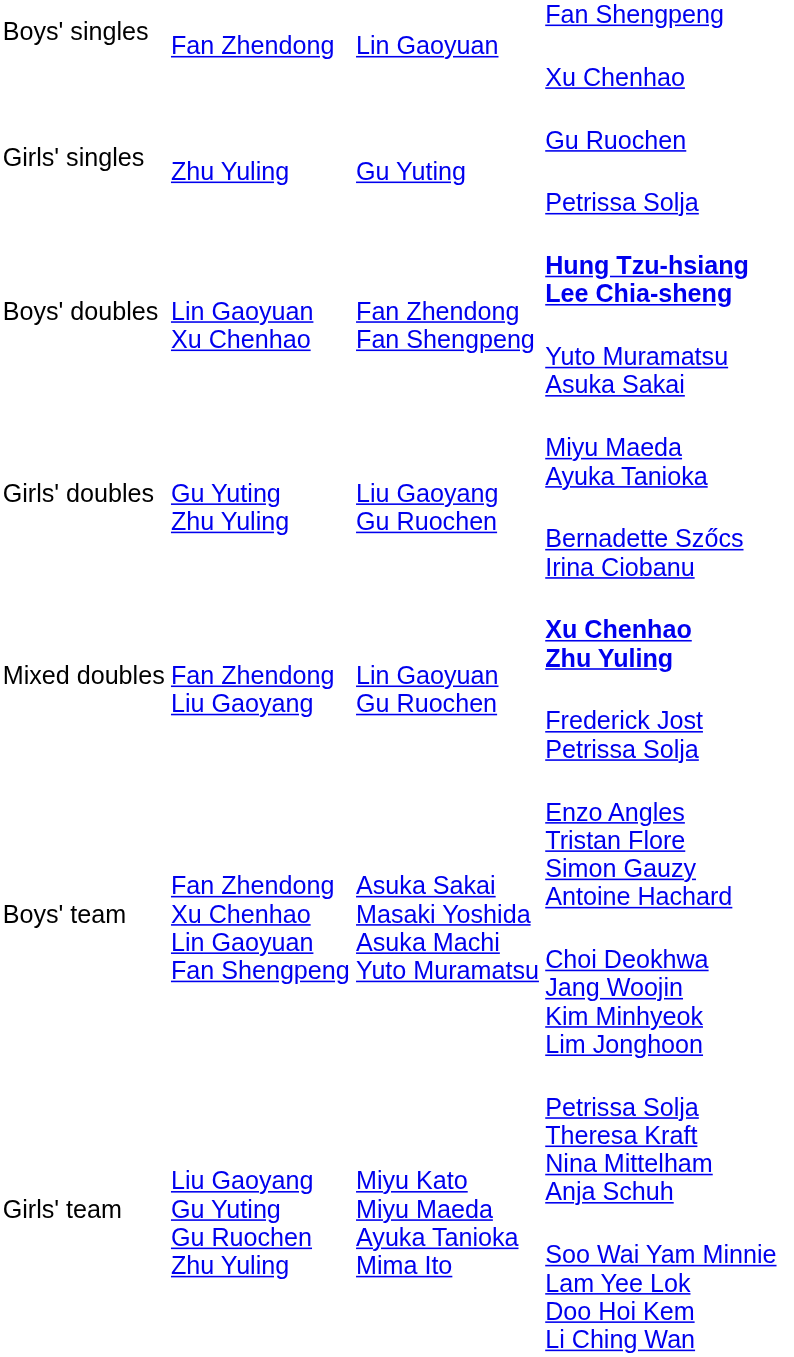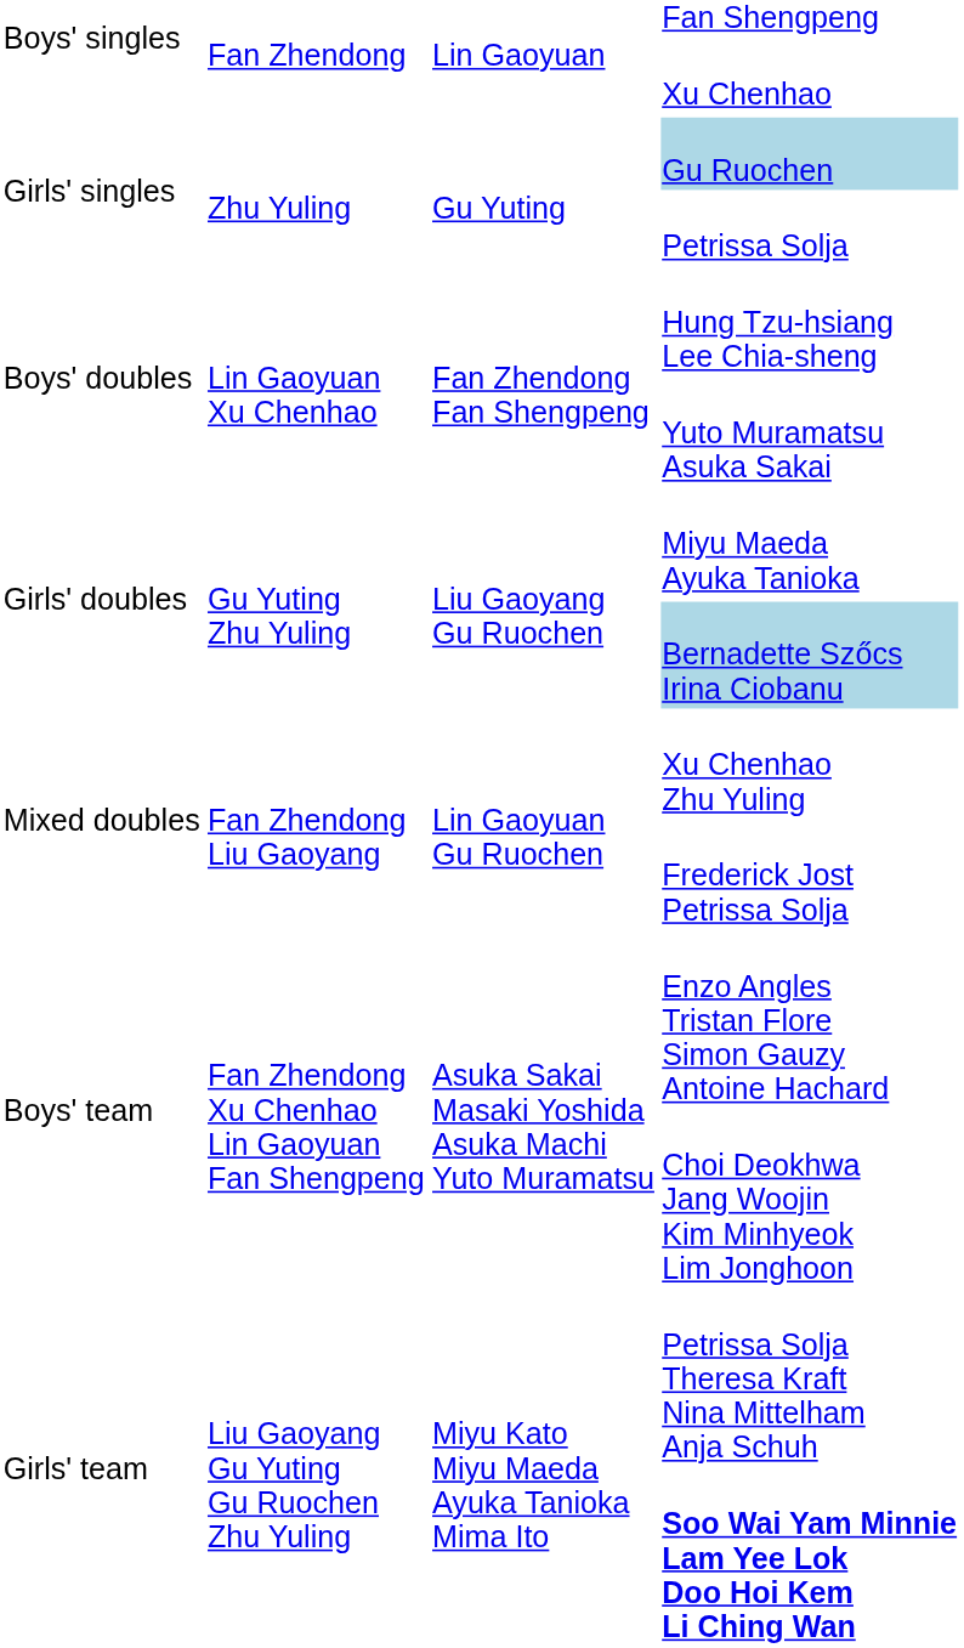 <table>
 <tr>
 <td rowspan=2>Boys' singles</td>
 <td rowspan=2><br><a href='#'>Fan Zhendong</a></td>
 <td rowspan=2><br><a href='#'>Lin Gaoyuan</a></td>
 <td><br><a href='#'>Fan Shengpeng</a></td>
 </tr>
 <tr>
 <td><br><a href='#'>Xu Chenhao</a></td>
 </tr>
 <tr>
 <td rowspan=2>Girls' singles</td>
 <td rowspan=2><br><a href='#'>Zhu Yuling</a></td>
 <td rowspan=2><br><a href='#'>Gu Yuting</a></td>
-<td><br><a href='#'>Gu Ruochen</a></td>
+<td style="background: lightblue;"><br><a href='#'>Gu Ruochen</a></td>
 </tr>
 <tr>
 <td><br><a href='#'>Petrissa Solja</a></td>
 </tr>
 <tr>
 <td rowspan=2>Boys' doubles</td>
 <td rowspan=2><br><a href='#'>Lin Gaoyuan</a><br><a href='#'>Xu Chenhao</a></td>
 <td rowspan=2><br><a href='#'>Fan Zhendong</a><br><a href='#'>Fan Shengpeng</a></td>
-<td><strong><br><a href='#'>Hung Tzu-hsiang</a><br><a href='#'>Lee Chia-sheng</a></strong></td>
+<td><br><a href='#'>Hung Tzu-hsiang</a><br><a href='#'>Lee Chia-sheng</a></td>
 </tr>
 <tr>
 <td><br><a href='#'>Yuto Muramatsu</a><br><a href='#'>Asuka Sakai</a></td>
 </tr>
 <tr>
 <td rowspan=2>Girls' doubles</td>
 <td rowspan=2><br><a href='#'>Gu Yuting</a><br><a href='#'>Zhu Yuling</a></td>
 <td rowspan=2><br><a href='#'>Liu Gaoyang</a><br><a href='#'>Gu Ruochen</a></td>
 <td><br><a href='#'>Miyu Maeda</a><br><a href='#'>Ayuka Tanioka</a></td>
 </tr>
 <tr>
-<td><br><a href='#'>Bernadette Szőcs</a><br><a href='#'>Irina Ciobanu</a></td>
+<td style="background: lightblue;"><br><a href='#'>Bernadette Szőcs</a><br><a href='#'>Irina Ciobanu</a></td>
 </tr>
 <tr>
 <td rowspan=2>Mixed doubles</td>
 <td rowspan=2><br><a href='#'>Fan Zhendong</a><br><a href='#'>Liu Gaoyang</a></td>
 <td rowspan=2><br><a href='#'>Lin Gaoyuan</a><br><a href='#'>Gu Ruochen</a></td>
-<td><strong><br><a href='#'>Xu Chenhao</a><br><a href='#'>Zhu Yuling</a></strong></td>
+<td><br><a href='#'>Xu Chenhao</a><br><a href='#'>Zhu Yuling</a></td>
 </tr>
 <tr>
 <td><br><a href='#'>Frederick Jost</a><br><a href='#'>Petrissa Solja</a></td>
 </tr>
 <tr>
 <td rowspan=2>Boys' team</td>
 <td rowspan=2><br><a href='#'>Fan Zhendong</a><br><a href='#'>Xu Chenhao</a><br><a href='#'>Lin Gaoyuan</a><br><a href='#'>Fan Shengpeng</a></td>
 <td rowspan=2><br><a href='#'>Asuka Sakai</a><br><a href='#'>Masaki Yoshida</a><br><a href='#'>Asuka Machi</a><br><a href='#'>Yuto Muramatsu</a></td>
 <td><br><a href='#'>Enzo Angles</a><br><a href='#'>Tristan Flore</a><br><a href='#'>Simon Gauzy</a><br><a href='#'>Antoine Hachard</a></td>
 </tr>
 <tr>
 <td><br><a href='#'>Choi Deokhwa</a><br><a href='#'>Jang Woojin</a><br><a href='#'>Kim Minhyeok</a><br><a href='#'>Lim Jonghoon</a></td>
 </tr>
 <tr>
 <td rowspan=2>Girls' team</td>
 <td rowspan=2><br><a href='#'>Liu Gaoyang</a><br><a href='#'>Gu Yuting</a><br><a href='#'>Gu Ruochen</a><br><a href='#'>Zhu Yuling</a></td>
 <td rowspan=2><br><a href='#'>Miyu Kato</a><br><a href='#'>Miyu Maeda</a><br><a href='#'>Ayuka Tanioka</a><br><a href='#'>Mima Ito</a></td>
 <td><br><a href='#'>Petrissa Solja</a><br><a href='#'>Theresa Kraft</a><br><a href='#'>Nina Mittelham</a><br><a href='#'>Anja Schuh</a></td>
 </tr>
 <tr>
-<td><br><a href='#'>Soo Wai Yam Minnie</a><br><a href='#'>Lam Yee Lok</a><br><a href='#'>Doo Hoi Kem</a><br><a href='#'>Li Ching Wan</a></td>
+<td><strong><br><a href='#'>Soo Wai Yam Minnie</a><br><a href='#'>Lam Yee Lok</a><br><a href='#'>Doo Hoi Kem</a><br><a href='#'>Li Ching Wan</a></strong></td>
 </tr>
 </table>
